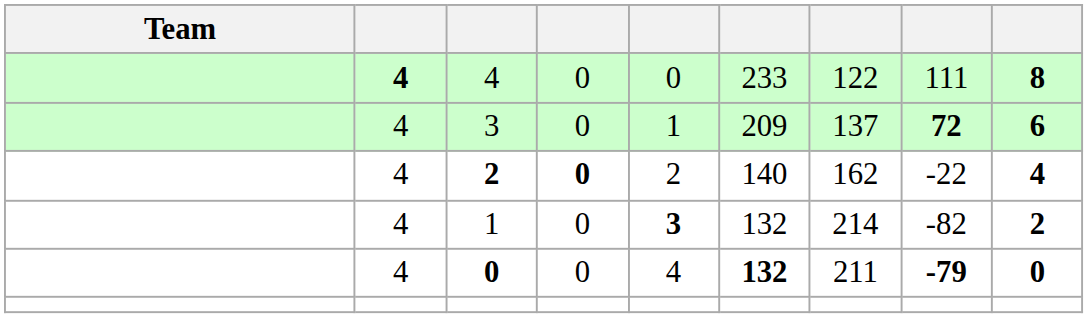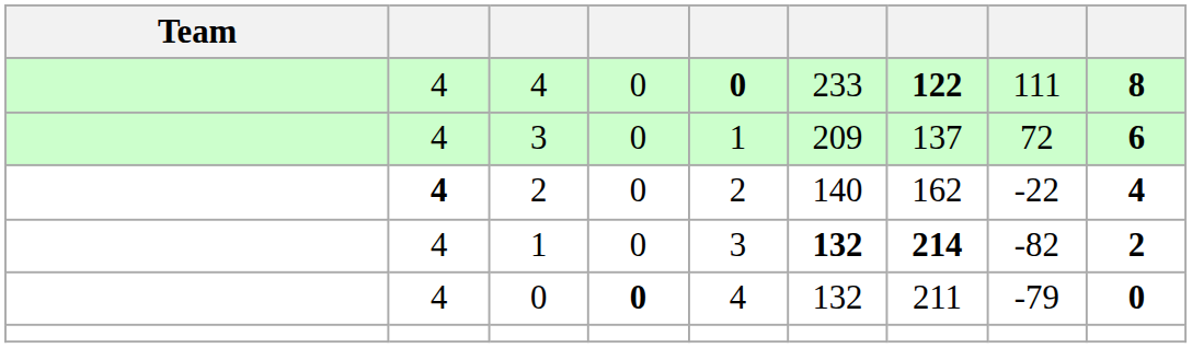 <table class=wikitable style="text-align:center">
 <tr>
 <th width=175>Team</th>
 <th width=40></th>
 <th width=40></th>
 <th width=40></th>
 <th width=40></th>
 <th width=40></th>
 <th width=40></th>
 <th width=40></th>
 <th width=40></th>
 </tr>
 <tr style="background:#ccffcc">
 <td align=left></td>
-<td><strong>4</strong></td>
+<td>4</td>
 <td>4</td>
 <td>0</td>
-<td>0</td>
+<td><strong>0</strong></td>
 <td>233</td>
-<td>122</td>
+<td><strong>122</strong></td>
 <td>111</td>
 <td><strong>8</strong></td>
 </tr>
 <tr style="background:#ccffcc">
 <td align=left></td>
 <td>4</td>
 <td>3</td>
 <td>0</td>
 <td>1</td>
 <td>209</td>
 <td>137</td>
-<td><strong>72</strong></td>
+<td>72</td>
 <td><strong>6</strong></td>
 </tr>
 <tr style="background:white">
 <td align=left></td>
-<td>4</td>
-<td><strong>2</strong></td>
-<td><strong>0</strong></td>
+<td><strong>4</strong></td>
+<td>2</td>
+<td>0</td>
 <td>2</td>
 <td>140</td>
 <td>162</td>
 <td>-22</td>
 <td><strong>4</strong></td>
 </tr>
 <tr style="background:white">
 <td align=left></td>
 <td>4</td>
 <td>1</td>
 <td>0</td>
-<td><strong>3</strong></td>
-<td>132</td>
-<td>214</td>
+<td>3</td>
+<td><strong>132</strong></td>
+<td><strong>214</strong></td>
 <td>-82</td>
 <td><strong>2</strong></td>
 </tr>
 <tr style="background:white;">
 <td align=left></td>
 <td>4</td>
+<td>0</td>
 <td><strong>0</strong></td>
-<td>0</td>
 <td>4</td>
-<td><strong>132</strong></td>
+<td>132</td>
 <td>211</td>
-<td><strong>-79</strong></td>
+<td>-79</td>
 <td><strong>0</strong></td>
 </tr>
 <tr style="background:white;">
 <td align=left></td>
 <td></td>
 <td></td>
 <td></td>
 <td></td>
 <td></td>
 <td></td>
 <td></td>
 <td><strong></strong></td>
 </tr>
 </table>
